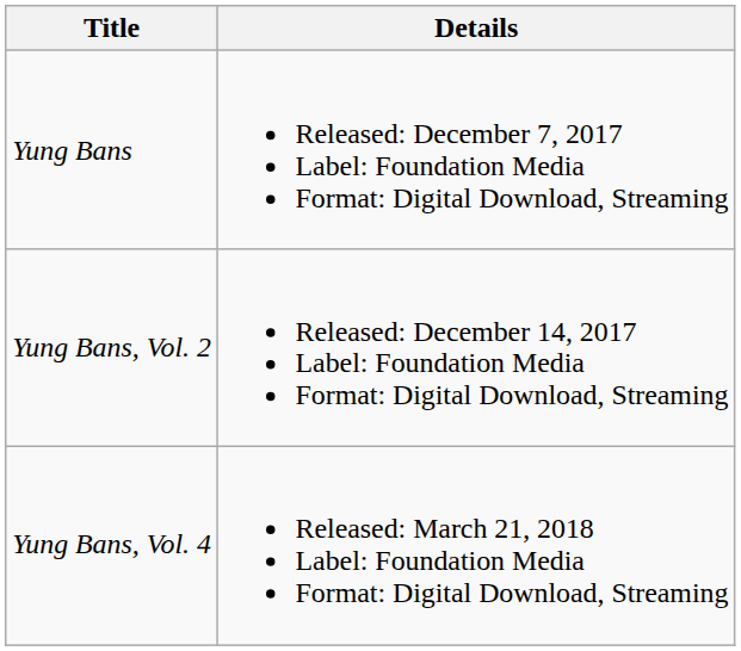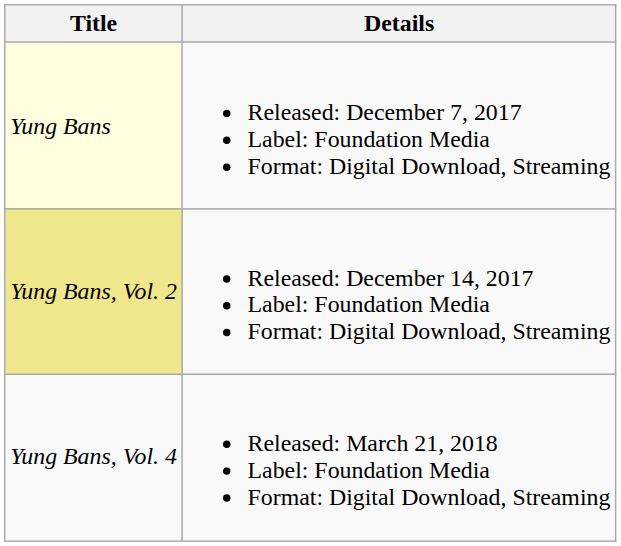 <table class="wikitable">
 <tr>
 <th>Title</th>
 <th>Details</th>
 </tr>
 <tr>
-<td><em>Yung Bans</em></td>
+<td style="background: lightyellow;"><em>Yung Bans</em></td>
 <td><br><ul><li>Released: December 7, 2017</li><li>Label: Foundation Media</li><li>Format: Digital Download, Streaming</li></ul></td>
 </tr>
 <tr>
-<td><em>Yung Bans, Vol. 2</em></td>
+<td style="background: khaki;"><em>Yung Bans, Vol. 2</em></td>
 <td><br><ul><li>Released: December 14, 2017</li><li>Label: Foundation Media</li><li>Format: Digital Download, Streaming</li></ul></td>
 </tr>
 <tr>
 <td><em>Yung Bans, Vol. 4</em></td>
 <td><br><ul><li>Released: March 21, 2018</li><li>Label: Foundation Media</li><li>Format: Digital Download, Streaming</li></ul></td>
 </tr>
 </table>
